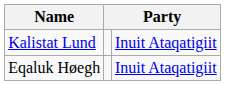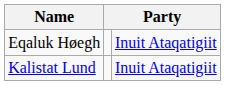 <table class="wikitable sortable" text-align:center">
 <tr>
 <th>Name</th>
 <th colspan="2">Party</th>
 </tr>
 <tr>
+<td>Eqaluk Høegh</td>
+<td></td>
+<td data-sort-value="2013"><a href='#'>Inuit Ataqatigiit</a></td>
+</tr>
+<tr>
 <td data-sort-value="Abdi, Sanae"><a href='#'>Kalistat Lund</a></td>
 <td></td>
 <td data-sort-value="2013"><a href='#'>Inuit Ataqatigiit</a></td>
 </tr>
-<tr>
-<td>Eqaluk Høegh</td>
-<td></td>
-<td data-sort-value="2013"><a href='#'>Inuit Ataqatigiit</a></td>
-</tr>
 </table>
